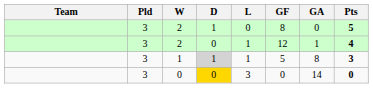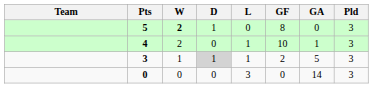 <table class="wikitable" style="text-align:center">
 <tr>
 <th style="width:12em">Team</th>
-<th style="width:3em">Pld</th>
+<th style="width:3em">Pts</th>
 <th style="width:3em">W</th>
 <th style="width:3em">D</th>
 <th style="width:3em">L</th>
 <th style="width:3em">GF</th>
 <th style="width:3em">GA</th>
-<th style="width:3em">Pts</th>
+<th style="width:3em">Pld</th>
 </tr>
 <tr style="background:#ccffcc;">
 <td align=left></td>
-<td>3</td>
-<td>2</td>
+<td><strong>5</strong></td>
+<td><strong>2</strong></td>
 <td>1</td>
 <td>0</td>
 <td>8</td>
 <td>0</td>
-<td><strong>5</strong></td>
+<td>3</td>
 </tr>
 <tr style="background:#ccffcc;">
 <td align=left></td>
-<td>3</td>
+<td><strong>4</strong></td>
 <td>2</td>
 <td>0</td>
 <td>1</td>
-<td>12</td>
+<td>10</td>
 <td>1</td>
-<td><strong>4</strong></td>
+<td>3</td>
 </tr>
 <tr>
 <td align=left></td>
-<td>3</td>
+<td><strong>3</strong></td>
 <td>1</td>
 <td style="background: lightgrey;">1</td>
 <td>1</td>
+<td>2</td>
 <td>5</td>
-<td>8</td>
-<td><strong>3</strong></td>
+<td>3</td>
 </tr>
 <tr>
 <td align=left></td>
-<td>3</td>
+<td><strong>0</strong></td>
 <td>0</td>
-<td style="background: gold;">0</td>
+<td>0</td>
 <td>3</td>
 <td>0</td>
 <td>14</td>
-<td><strong>0</strong></td>
+<td>3</td>
 </tr>
 </table>
